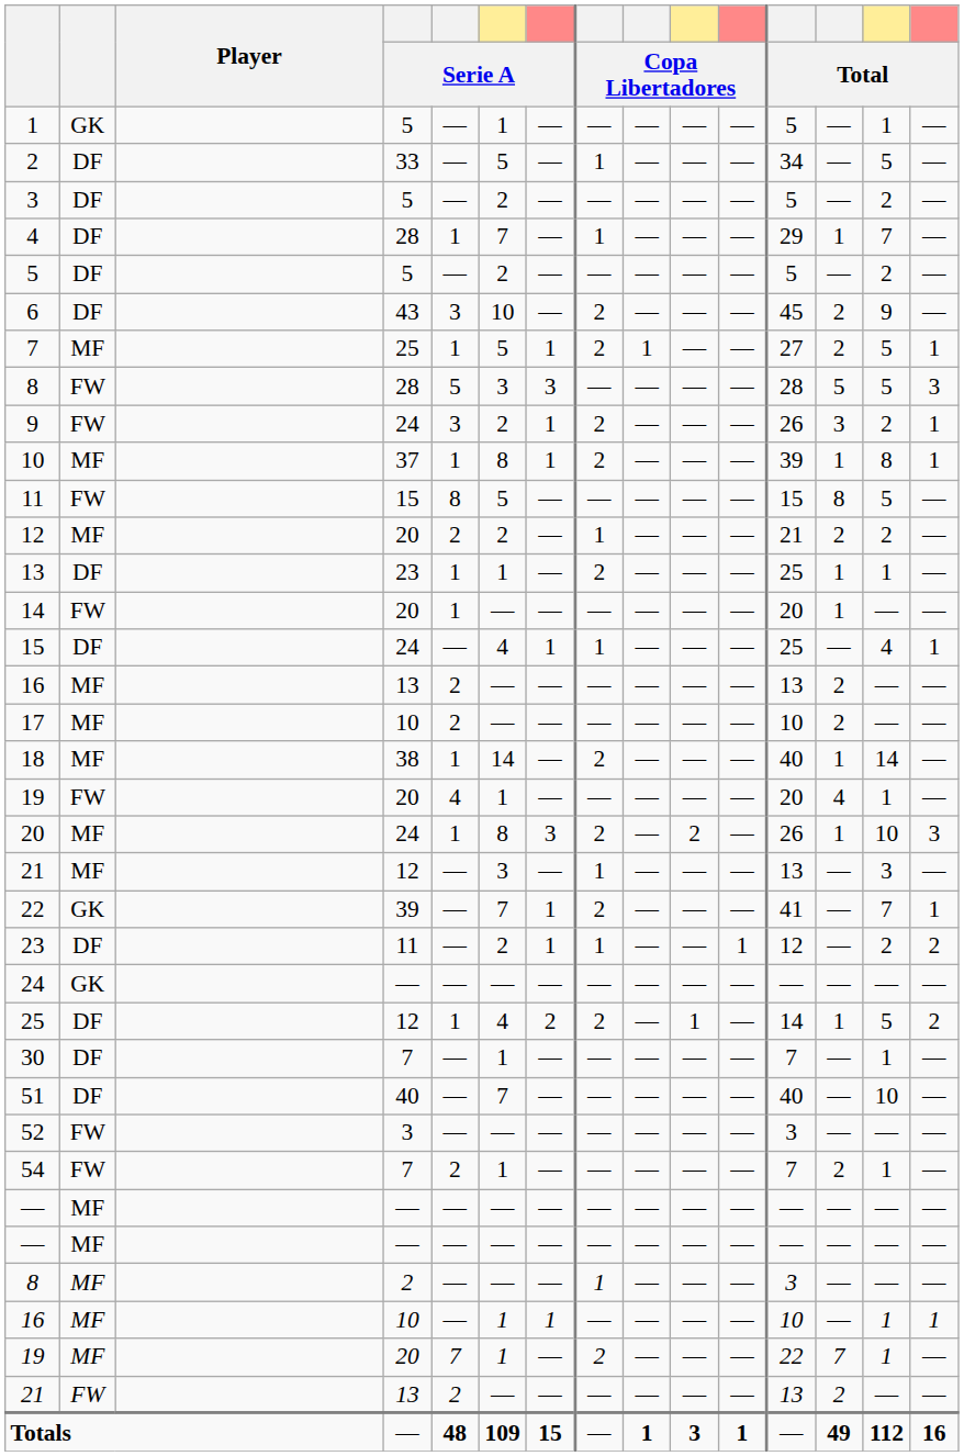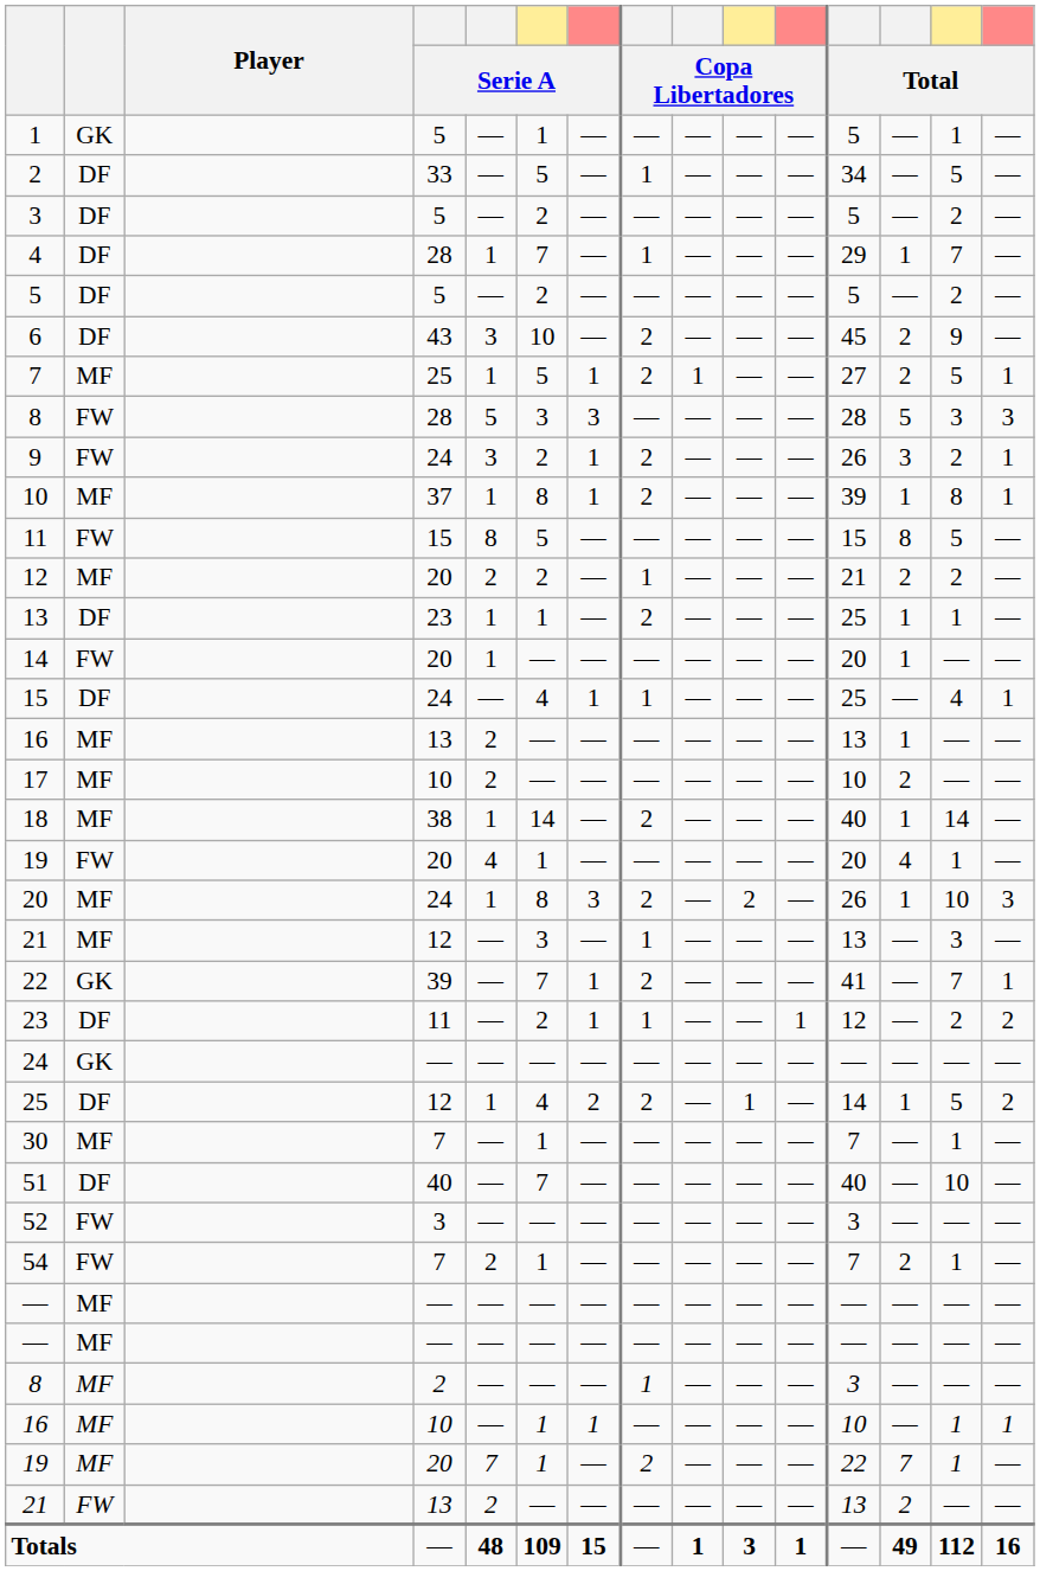 <table class="wikitable sortable" style="text-align: center">
 <tr>
 <th rowspan="2" width=30 align="center"><br></th>
 <th rowspan="2" width=30 align="center"><br></th>
 <th rowspan="2" width=175 align="center">Player<br></th>
 <th width=25 style="background:"><br></th>
 <th width=25 style="background:"><br></th>
 <th width=25 style="background: #FFEE99"><br></th>
 <th width=25 style="border-right:2px solid grey; background:#FF8888"><br></th>
 <th width=25 style="background:"><br></th>
 <th width=25 style="background:"><br></th>
 <th width=25 style="background: #FFEE99"><br></th>
 <th width=25 style="border-right:2px solid grey; background:#FF8888"><br></th>
 <th width=25 style="background:"><br></th>
 <th width=25 style="background:"><br></th>
 <th width=25 style="background: #FFEE99"><br></th>
 <th width=25 style="background: #FF8888"><br></th>
 </tr>
 <tr class="sortbottom">
 <th colspan="4" style="border-right:2px solid grey;" align="center"><a href='#'>Serie A</a></th>
 <th colspan="4" style="border-right:2px solid grey;" align="center"><a href='#'>Copa<br>Libertadores</a></th>
 <th colspan="4" align="center">Total</th>
 </tr>
 <tr>
 <td>1</td>
 <td>GK</td>
 <td align=left></td>
 <td>5</td>
 <td>—</td>
 <td>1</td>
 <td>—</td>
 <td style="border-left:2px solid grey">—</td>
 <td>—</td>
 <td>—</td>
 <td>—</td>
 <td style="border-left:2px solid grey">5</td>
 <td>—</td>
 <td>1</td>
 <td>—</td>
 </tr>
 <tr>
 <td>2</td>
 <td>DF</td>
 <td align=left></td>
 <td>33</td>
 <td>—</td>
 <td>5</td>
 <td>—</td>
 <td style="border-left:2px solid grey">1</td>
 <td>—</td>
 <td>—</td>
 <td>—</td>
 <td style="border-left:2px solid grey">34</td>
 <td>—</td>
 <td>5</td>
 <td>—</td>
 </tr>
 <tr>
 <td>3</td>
 <td>DF</td>
 <td align=left></td>
 <td>5</td>
 <td>—</td>
 <td>2</td>
 <td>—</td>
 <td style="border-left:2px solid grey">—</td>
 <td>—</td>
 <td>—</td>
 <td>—</td>
 <td style="border-left:2px solid grey">5</td>
 <td>—</td>
 <td>2</td>
 <td>—</td>
 </tr>
 <tr>
 <td>4</td>
 <td>DF</td>
 <td align=left></td>
 <td>28</td>
 <td>1</td>
 <td>7</td>
 <td>—</td>
 <td style="border-left:2px solid grey">1</td>
 <td>—</td>
 <td>—</td>
 <td>—</td>
 <td style="border-left:2px solid grey">29</td>
 <td>1</td>
 <td>7</td>
 <td>—</td>
 </tr>
 <tr>
 <td>5</td>
 <td>DF</td>
 <td align=left></td>
 <td>5</td>
 <td>—</td>
 <td>2</td>
 <td>—</td>
 <td style="border-left:2px solid grey">—</td>
 <td>—</td>
 <td>—</td>
 <td>—</td>
 <td style="border-left:2px solid grey">5</td>
 <td>—</td>
 <td>2</td>
 <td>—</td>
 </tr>
 <tr>
 <td>6</td>
 <td>DF</td>
 <td align=left></td>
 <td>43</td>
 <td>3</td>
 <td>10</td>
 <td>—</td>
 <td style="border-left:2px solid grey">2</td>
 <td>—</td>
 <td>—</td>
 <td>—</td>
 <td style="border-left:2px solid grey">45</td>
 <td>2</td>
 <td>9</td>
 <td>—</td>
 </tr>
 <tr>
 <td>7</td>
 <td>MF</td>
 <td align=left></td>
 <td>25</td>
 <td>1</td>
 <td>5</td>
 <td>1</td>
 <td style="border-left:2px solid grey">2</td>
 <td>1</td>
 <td>—</td>
 <td>—</td>
 <td style="border-left:2px solid grey">27</td>
 <td>2</td>
 <td>5</td>
 <td>1</td>
 </tr>
 <tr>
 <td>8</td>
 <td>FW</td>
 <td align=left></td>
 <td>28</td>
 <td>5</td>
 <td>3</td>
 <td>3</td>
 <td style="border-left:2px solid grey">—</td>
 <td>—</td>
 <td>—</td>
 <td>—</td>
 <td style="border-left:2px solid grey">28</td>
 <td>5</td>
-<td>5</td>
+<td>3</td>
 <td>3</td>
 </tr>
 <tr>
 <td>9</td>
 <td>FW</td>
 <td align=left></td>
 <td>24</td>
 <td>3</td>
 <td>2</td>
 <td>1</td>
 <td style="border-left:2px solid grey">2</td>
 <td>—</td>
 <td>—</td>
 <td>—</td>
 <td style="border-left:2px solid grey">26</td>
 <td>3</td>
 <td>2</td>
 <td>1</td>
 </tr>
 <tr>
 <td>10</td>
 <td>MF</td>
 <td align=left></td>
 <td>37</td>
 <td>1</td>
 <td>8</td>
 <td>1</td>
 <td style="border-left:2px solid grey">2</td>
 <td>—</td>
 <td>—</td>
 <td>—</td>
 <td style="border-left:2px solid grey">39</td>
 <td>1</td>
 <td>8</td>
 <td>1</td>
 </tr>
 <tr>
 <td>11</td>
 <td>FW</td>
 <td align=left></td>
 <td>15</td>
 <td>8</td>
 <td>5</td>
 <td>—</td>
 <td style="border-left:2px solid grey">—</td>
 <td>—</td>
 <td>—</td>
 <td>—</td>
 <td style="border-left:2px solid grey">15</td>
 <td>8</td>
 <td>5</td>
 <td>—</td>
 </tr>
 <tr>
 <td>12</td>
 <td>MF</td>
 <td align=left></td>
 <td>20</td>
 <td>2</td>
 <td>2</td>
 <td>—</td>
 <td style="border-left:2px solid grey">1</td>
 <td>—</td>
 <td>—</td>
 <td>—</td>
 <td style="border-left:2px solid grey">21</td>
 <td>2</td>
 <td>2</td>
 <td>—</td>
 </tr>
 <tr>
 <td>13</td>
 <td>DF</td>
 <td align=left></td>
 <td>23</td>
 <td>1</td>
 <td>1</td>
 <td>—</td>
 <td style="border-left:2px solid grey">2</td>
 <td>—</td>
 <td>—</td>
 <td>—</td>
 <td style="border-left:2px solid grey">25</td>
 <td>1</td>
 <td>1</td>
 <td>—</td>
 </tr>
 <tr>
 <td>14</td>
 <td>FW</td>
 <td align=left></td>
 <td>20</td>
 <td>1</td>
 <td>—</td>
 <td>—</td>
 <td style="border-left:2px solid grey">—</td>
 <td>—</td>
 <td>—</td>
 <td>—</td>
 <td style="border-left:2px solid grey">20</td>
 <td>1</td>
 <td>—</td>
 <td>—</td>
 </tr>
 <tr>
 <td>15</td>
 <td>DF</td>
 <td align=left></td>
 <td>24</td>
 <td>—</td>
 <td>4</td>
 <td>1</td>
 <td style="border-left:2px solid grey">1</td>
 <td>—</td>
 <td>—</td>
 <td>—</td>
 <td style="border-left:2px solid grey">25</td>
 <td>—</td>
 <td>4</td>
 <td>1</td>
 </tr>
 <tr>
 <td>16</td>
 <td>MF</td>
 <td align=left></td>
 <td>13</td>
 <td>2</td>
 <td>—</td>
 <td>—</td>
 <td style="border-left:2px solid grey">—</td>
 <td>—</td>
 <td>—</td>
 <td>—</td>
 <td style="border-left:2px solid grey">13</td>
-<td>2</td>
+<td>1</td>
 <td>—</td>
 <td>—</td>
 </tr>
 <tr>
 <td>17</td>
 <td>MF</td>
 <td align=left></td>
 <td>10</td>
 <td>2</td>
 <td>—</td>
 <td>—</td>
 <td style="border-left:2px solid grey">—</td>
 <td>—</td>
 <td>—</td>
 <td>—</td>
 <td style="border-left:2px solid grey">10</td>
 <td>2</td>
 <td>—</td>
 <td>—</td>
 </tr>
 <tr>
 <td>18</td>
 <td>MF</td>
 <td align=left></td>
 <td>38</td>
 <td>1</td>
 <td>14</td>
 <td>—</td>
 <td style="border-left:2px solid grey">2</td>
 <td>—</td>
 <td>—</td>
 <td>—</td>
 <td style="border-left:2px solid grey">40</td>
 <td>1</td>
 <td>14</td>
 <td>—</td>
 </tr>
 <tr>
 <td>19</td>
 <td>FW</td>
 <td align=left></td>
 <td>20</td>
 <td>4</td>
 <td>1</td>
 <td>—</td>
 <td style="border-left:2px solid grey">—</td>
 <td>—</td>
 <td>—</td>
 <td>—</td>
 <td style="border-left:2px solid grey">20</td>
 <td>4</td>
 <td>1</td>
 <td>—</td>
 </tr>
 <tr>
 <td>20</td>
 <td>MF</td>
 <td align=left></td>
 <td>24</td>
 <td>1</td>
 <td>8</td>
 <td>3</td>
 <td style="border-left:2px solid grey">2</td>
 <td>—</td>
 <td>2</td>
 <td>—</td>
 <td style="border-left:2px solid grey">26</td>
 <td>1</td>
 <td>10</td>
 <td>3</td>
 </tr>
 <tr>
 <td>21</td>
 <td>MF</td>
 <td align=left></td>
 <td>12</td>
 <td>—</td>
 <td>3</td>
 <td>—</td>
 <td style="border-left:2px solid grey">1</td>
 <td>—</td>
 <td>—</td>
 <td>—</td>
 <td style="border-left:2px solid grey">13</td>
 <td>—</td>
 <td>3</td>
 <td>—</td>
 </tr>
 <tr>
 <td>22</td>
 <td>GK</td>
 <td align=left></td>
 <td>39</td>
 <td>—</td>
 <td>7</td>
 <td>1</td>
 <td style="border-left:2px solid grey">2</td>
 <td>—</td>
 <td>—</td>
 <td>—</td>
 <td style="border-left:2px solid grey">41</td>
 <td>—</td>
 <td>7</td>
 <td>1</td>
 </tr>
 <tr>
 <td>23</td>
 <td>DF</td>
 <td align=left></td>
 <td>11</td>
 <td>—</td>
 <td>2</td>
 <td>1</td>
 <td style="border-left:2px solid grey">1</td>
 <td>—</td>
 <td>—</td>
 <td>1</td>
 <td style="border-left:2px solid grey">12</td>
 <td>—</td>
 <td>2</td>
 <td>2</td>
 </tr>
 <tr>
 <td>24</td>
 <td>GK</td>
 <td align=left></td>
 <td>—</td>
 <td>—</td>
 <td>—</td>
 <td>—</td>
 <td style="border-left:2px solid grey">—</td>
 <td>—</td>
 <td>—</td>
 <td>—</td>
 <td style="border-left:2px solid grey">—</td>
 <td>—</td>
 <td>—</td>
 <td>—</td>
 </tr>
 <tr>
 <td>25</td>
 <td>DF</td>
 <td align=left></td>
 <td>12</td>
 <td>1</td>
 <td>4</td>
 <td>2</td>
 <td style="border-left:2px solid grey">2</td>
 <td>—</td>
 <td>1</td>
 <td>—</td>
 <td style="border-left:2px solid grey">14</td>
 <td>1</td>
 <td>5</td>
 <td>2</td>
 </tr>
 <tr>
 <td>30</td>
-<td>DF</td>
+<td>MF</td>
 <td align=left></td>
 <td>7</td>
 <td>—</td>
 <td>1</td>
 <td>—</td>
 <td style="border-left:2px solid grey">—</td>
 <td>—</td>
 <td>—</td>
 <td>—</td>
 <td style="border-left:2px solid grey">7</td>
 <td>—</td>
 <td>1</td>
 <td>—</td>
 </tr>
 <tr>
 <td>51</td>
 <td>DF</td>
 <td align=left></td>
 <td>40</td>
 <td>—</td>
 <td>7</td>
 <td>—</td>
 <td style="border-left:2px solid grey">—</td>
 <td>—</td>
 <td>—</td>
 <td>—</td>
 <td style="border-left:2px solid grey">40</td>
 <td>—</td>
 <td>10</td>
 <td>—</td>
 </tr>
 <tr>
 <td>52</td>
 <td>FW</td>
 <td align=left></td>
 <td>3</td>
 <td>—</td>
 <td>—</td>
 <td>—</td>
 <td style="border-left:2px solid grey">—</td>
 <td>—</td>
 <td>—</td>
 <td>—</td>
 <td style="border-left:2px solid grey">3</td>
 <td>—</td>
 <td>—</td>
 <td>—</td>
 </tr>
 <tr>
 <td>54</td>
 <td>FW</td>
 <td align=left></td>
 <td>7</td>
 <td>2</td>
 <td>1</td>
 <td>—</td>
 <td style="border-left:2px solid grey">—</td>
 <td>—</td>
 <td>—</td>
 <td>—</td>
 <td style="border-left:2px solid grey">7</td>
 <td>2</td>
 <td>1</td>
 <td>—</td>
 </tr>
 <tr>
 <td>—</td>
 <td>MF</td>
 <td align=left></td>
 <td>—</td>
 <td>—</td>
 <td>—</td>
 <td>—</td>
 <td style="border-left:2px solid grey">—</td>
 <td>—</td>
 <td>—</td>
 <td>—</td>
 <td style="border-left:2px solid grey">—</td>
 <td>—</td>
 <td>—</td>
 <td>—</td>
 </tr>
 <tr>
 <td>—</td>
 <td>MF</td>
 <td align=left></td>
 <td>—</td>
 <td>—</td>
 <td>—</td>
 <td>—</td>
 <td style="border-left:2px solid grey">—</td>
 <td>—</td>
 <td>—</td>
 <td>—</td>
 <td style="border-left:2px solid grey">—</td>
 <td>—</td>
 <td>—</td>
 <td>—</td>
 </tr>
 <tr>
 <td><em>8</em></td>
 <td><em>MF</em></td>
 <td align=left><em></em></td>
 <td><em>2</em></td>
 <td>—</td>
 <td>—</td>
 <td>—</td>
 <td style="border-left:2px solid grey"><em>1</em></td>
 <td>—</td>
 <td>—</td>
 <td>—</td>
 <td style="border-left:2px solid grey"><em>3</em></td>
 <td>—</td>
 <td>—</td>
 <td>—</td>
 </tr>
 <tr>
 <td><em>16</em></td>
 <td><em>MF</em></td>
 <td align=left><em></em></td>
 <td><em>10</em></td>
 <td>—</td>
 <td><em>1</em></td>
 <td><em>1</em></td>
 <td style="border-left:2px solid grey">—</td>
 <td>—</td>
 <td>—</td>
 <td>—</td>
 <td style="border-left:2px solid grey"><em>10</em></td>
 <td>—</td>
 <td><em>1</em></td>
 <td><em>1</em></td>
 </tr>
 <tr>
 <td><em>19</em></td>
 <td><em>MF</em></td>
 <td align=left><em></em></td>
 <td><em>20</em></td>
 <td><em>7</em></td>
 <td><em>1</em></td>
 <td>—</td>
 <td style="border-left:2px solid grey"><em>2</em></td>
 <td>—</td>
 <td>—</td>
 <td>—</td>
 <td style="border-left:2px solid grey"><em>22</em></td>
 <td><em>7</em></td>
 <td><em>1</em></td>
 <td>—</td>
 </tr>
 <tr>
 <td><em>21</em></td>
 <td><em>FW</em></td>
 <td align=left><em></em></td>
 <td><em>13</em></td>
 <td><em>2</em></td>
 <td>—</td>
 <td>—</td>
 <td style="border-left:2px solid grey">—</td>
 <td>—</td>
 <td>—</td>
 <td>—</td>
 <td style="border-left:2px solid grey"><em>13</em></td>
 <td><em>2</em></td>
 <td>—</td>
 <td>—</td>
 </tr>
 <tr>
 </tr>
 <tr class="sortbottom" style="border-top:2px solid grey">
 <td colspan=3 align=left><strong>Totals</strong></td>
 <td>—</td>
 <td><strong>48</strong></td>
 <td><strong>109</strong></td>
 <td><strong>15</strong></td>
 <td style="border-left:2px solid grey">—</td>
 <td><strong>1</strong></td>
 <td><strong>3</strong></td>
 <td><strong>1</strong></td>
 <td style="border-left:2px solid grey">—</td>
 <td><strong>49</strong></td>
 <td><strong>112</strong></td>
 <td><strong>16</strong></td>
 </tr>
 </table>
